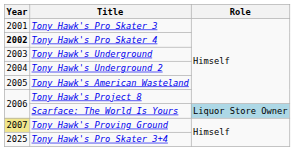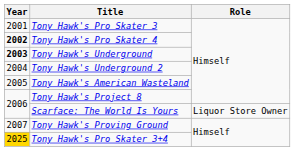 <table class = "wikitable sortable">
 <tr>
 <th>Year</th>
 <th>Title</th>
 <th>Role</th>
 </tr>
 <tr>
 <td>2001</td>
 <td><em><a href='#'>Tony Hawk's Pro Skater 3</a></em></td>
 <td rowspan="6">Himself</td>
 </tr>
 <tr>
 <td><strong>2002</strong></td>
 <td><em><a href='#'>Tony Hawk's Pro Skater 4</a></em></td>
 </tr>
 <tr>
-<td>2003</td>
+<td><strong>2003</strong></td>
 <td><em><a href='#'>Tony Hawk's Underground</a></em></td>
 </tr>
 <tr>
 <td>2004</td>
 <td><em><a href='#'>Tony Hawk's Underground 2</a></em></td>
 </tr>
 <tr>
 <td>2005</td>
 <td><em><a href='#'>Tony Hawk's American Wasteland</a></em></td>
 </tr>
 <tr>
 <td rowspan="2">2006</td>
 <td><em><a href='#'>Tony Hawk's Project 8</a></em></td>
 </tr>
 <tr>
 <td><em><a href='#'>Scarface: The World Is Yours</a></em></td>
-<td style="background: lightblue;">Liquor Store Owner</td>
+<td>Liquor Store Owner</td>
 </tr>
 <tr>
-<td style="background: khaki;">2007</td>
+<td>2007</td>
 <td><em><a href='#'>Tony Hawk's Proving Ground</a></em></td>
 <td rowspan="2">Himself</td>
 </tr>
 <tr>
-<td>2025</td>
+<td style="background: gold;">2025</td>
 <td><em><a href='#'>Tony Hawk's Pro Skater 3+4</a></em></td>
 </tr>
 </table>
